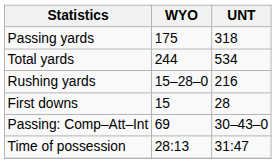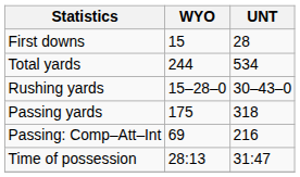 <table class="wikitable" style="float: left;">
 <tr>
 <th>Statistics</th>
 <th>WYO</th>
 <th>UNT</th>
 </tr>
 <tr>
-<td>Passing yards</td>
-<td>175</td>
-<td>318</td>
+<td>First downs</td>
+<td>15</td>
+<td>28</td>
 </tr>
 <tr>
 <td>Total yards</td>
 <td>244</td>
 <td>534</td>
 </tr>
 <tr>
 <td>Rushing yards</td>
 <td>15–28–0</td>
-<td>216</td>
+<td>30–43–0</td>
 </tr>
 <tr>
-<td>First downs</td>
-<td>15</td>
-<td>28</td>
+<td>Passing yards</td>
+<td>175</td>
+<td>318</td>
 </tr>
 <tr>
 <td>Passing: Comp–Att–Int</td>
 <td>69</td>
-<td>30–43–0</td>
+<td>216</td>
 </tr>
 <tr>
 <td>Time of possession</td>
 <td>28:13</td>
 <td>31:47</td>
 </tr>
 <tr>
 </tr>
 </table>
